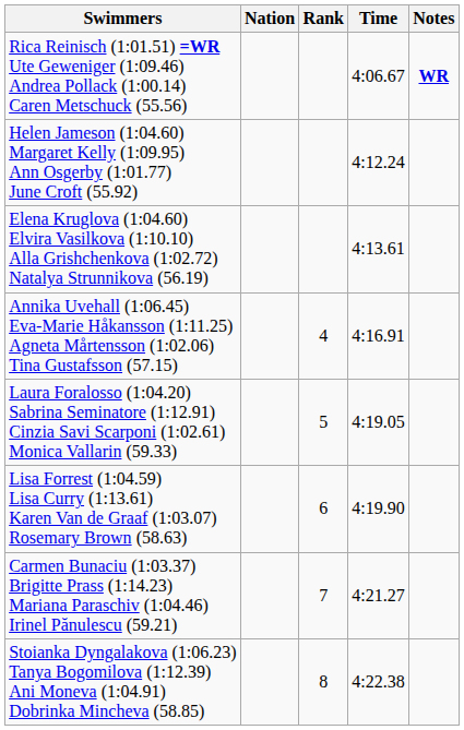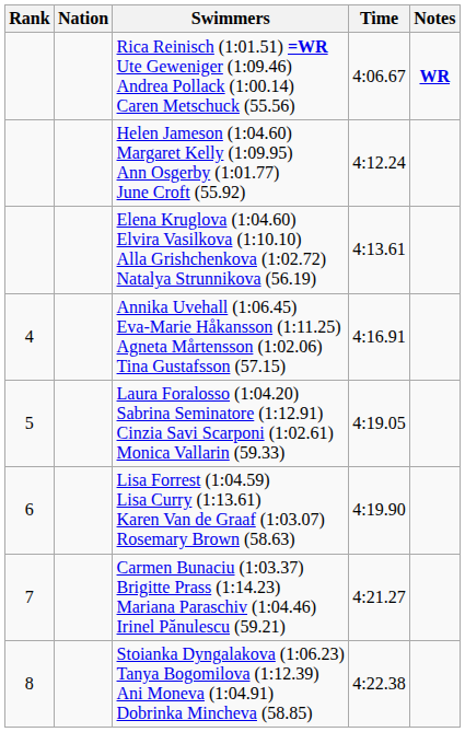 <table class="wikitable sortable" style="text-align:center">
 <tr>
+<th>Rank</th>
+<th>Nation</th>
 <th>Swimmers</th>
-<th>Nation</th>
-<th>Rank</th>
 <th>Time</th>
 <th>Notes</th>
 </tr>
 <tr>
+<td></td>
+<td align=left></td>
 <td align=left><a href='#'>Rica Reinisch</a> (1:01.51) <strong><a href='#'>=WR</a></strong><br><a href='#'>Ute Geweniger</a> (1:09.46)<br><a href='#'>Andrea Pollack</a> (1:00.14)<br><a href='#'>Caren Metschuck</a> (55.56)</td>
-<td align=left></td>
-<td></td>
 <td>4:06.67</td>
 <td><strong><a href='#'>WR</a></strong></td>
 </tr>
 <tr>
+<td></td>
+<td align=left></td>
 <td align=left><a href='#'>Helen Jameson</a> (1:04.60)<br><a href='#'>Margaret Kelly</a> (1:09.95)<br><a href='#'>Ann Osgerby</a> (1:01.77)<br><a href='#'>June Croft</a> (55.92)</td>
-<td align=left></td>
-<td></td>
 <td>4:12.24</td>
 <td></td>
 </tr>
 <tr>
+<td></td>
+<td align=left></td>
 <td align=left><a href='#'>Elena Kruglova</a> (1:04.60)<br><a href='#'>Elvira Vasilkova</a> (1:10.10)<br><a href='#'>Alla Grishchenkova</a> (1:02.72)<br><a href='#'>Natalya Strunnikova</a> (56.19)</td>
-<td align=left></td>
-<td></td>
 <td>4:13.61</td>
 <td></td>
 </tr>
 <tr>
+<td>4</td>
+<td align=left></td>
 <td align=left><a href='#'>Annika Uvehall</a> (1:06.45)<br><a href='#'>Eva-Marie Håkansson</a> (1:11.25)<br><a href='#'>Agneta Mårtensson</a> (1:02.06)<br><a href='#'>Tina Gustafsson</a> (57.15)</td>
-<td align=left></td>
-<td>4</td>
 <td>4:16.91</td>
 <td></td>
 </tr>
 <tr>
+<td>5</td>
+<td align=left></td>
 <td align=left><a href='#'>Laura Foralosso</a> (1:04.20)<br><a href='#'>Sabrina Seminatore</a> (1:12.91)<br><a href='#'>Cinzia Savi Scarponi</a> (1:02.61)<br><a href='#'>Monica Vallarin</a> (59.33)</td>
-<td align=left></td>
-<td>5</td>
 <td>4:19.05</td>
 <td></td>
 </tr>
 <tr>
+<td>6</td>
+<td align=left></td>
 <td align=left><a href='#'>Lisa Forrest</a> (1:04.59)<br><a href='#'>Lisa Curry</a> (1:13.61)<br><a href='#'>Karen Van de Graaf</a> (1:03.07)<br><a href='#'>Rosemary Brown</a> (58.63)</td>
-<td align=left></td>
-<td>6</td>
 <td>4:19.90</td>
 <td></td>
 </tr>
 <tr>
+<td>7</td>
+<td align=left></td>
 <td align=left><a href='#'>Carmen Bunaciu</a> (1:03.37)<br><a href='#'>Brigitte Prass</a> (1:14.23)<br><a href='#'>Mariana Paraschiv</a> (1:04.46)<br><a href='#'>Irinel Pănulescu</a> (59.21)</td>
-<td align=left></td>
-<td>7</td>
 <td>4:21.27</td>
 <td></td>
 </tr>
 <tr>
+<td>8</td>
+<td align=left></td>
 <td align=left><a href='#'>Stoianka Dyngalakova</a> (1:06.23)<br><a href='#'>Tanya Bogomilova</a> (1:12.39)<br><a href='#'>Ani Moneva</a> (1:04.91)<br><a href='#'>Dobrinka Mincheva</a> (58.85)</td>
-<td align=left></td>
-<td>8</td>
 <td>4:22.38</td>
 <td></td>
 </tr>
 </table>
